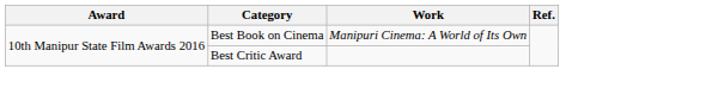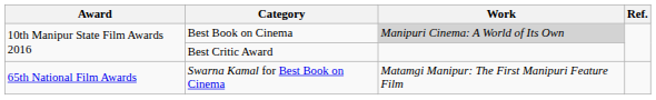 <table class="wikitable sortable">
 <tr>
 <th>Award</th>
 <th>Category</th>
 <th>Work</th>
 <th>Ref.</th>
 </tr>
 <tr>
 <td rowspan="2">10th Manipur State Film Awards 2016</td>
 <td>Best Book on Cinema</td>
-<td><em>Manipuri Cinema: A World of Its Own</em></td>
+<td style="background: lightgrey;"><em>Manipuri Cinema: A World of Its Own</em></td>
 <td rowspan="2"></td>
 </tr>
 <tr>
 <td>Best Critic Award</td>
 <td></td>
 </tr>
+<tr>
+<td><a href='#'>65th National Film Awards</a></td>
+<td><em>Swarna Kamal</em> for <a href='#'>Best Book on Cinema</a></td>
+<td><em>Matamgi Manipur: The First Manipuri Feature Film</em></td>
+<td></td>
+</tr>
 </table>
